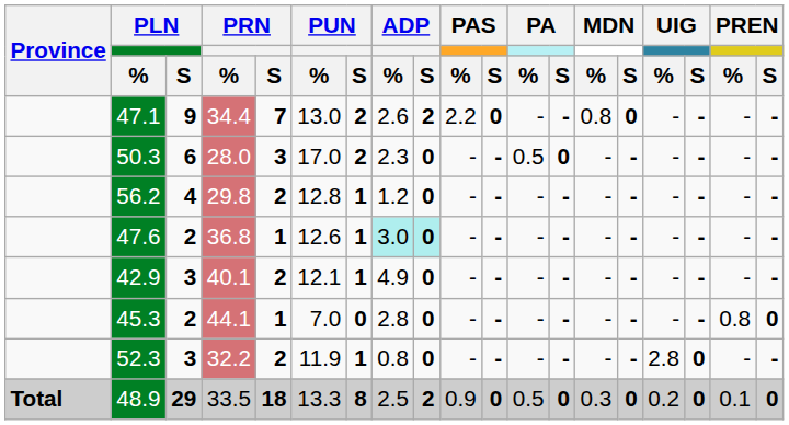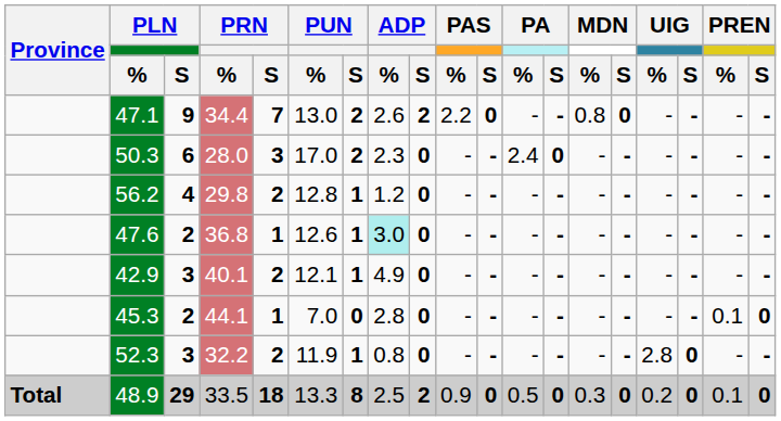 <table class="wikitable sortable" style="text-align:right; font-size:95%; line-height:20px;">
 <tr>
 <th rowspan="3"><a href='#'>Province</a></th>
 <th colspan="2" width="30px"><a href='#'>PLN</a></th>
 <th colspan="2" width="30px"><a href='#'>PRN</a></th>
 <th colspan="2" width="30px"><a href='#'>PUN</a></th>
 <th colspan="2" width="30px"><a href='#'>ADP</a></th>
 <th colspan="2" width="30px">PAS</th>
 <th colspan="2" width="30px">PA</th>
 <th colspan="2" width="30px">MDN</th>
 <th colspan="2" width="30px">UIG</th>
 <th colspan="2" width="30px">PREN</th>
 </tr>
 <tr>
 <th colspan="2" style="background:#008024"></th>
 <th colspan="2" style="background:"></th>
 <th colspan="2" style="background:"></th>
 <th colspan="2" style="background:"></th>
 <th colspan="2" style="background:#FFA826"></th>
 <th colspan="2" style="background:#B7F0F4"></th>
 <th colspan="2" style="background:#FFFFFF"></th>
 <th colspan="2" style="background:#2D83A1"></th>
 <th colspan="2" style="background:#E0CC1B"></th>
 </tr>
 <tr>
 <th data-sort-type="number">%</th>
 <th data-sort-type="number">S</th>
 <th data-sort-type="number">%</th>
 <th data-sort-type="number">S</th>
 <th data-sort-type="number">%</th>
 <th data-sort-type="number">S</th>
 <th data-sort-type="number">%</th>
 <th data-sort-type="number">S</th>
 <th data-sort-type="number">%</th>
 <th data-sort-type="number">S</th>
 <th data-sort-type="number">%</th>
 <th data-sort-type="number">S</th>
 <th data-sort-type="number">%</th>
 <th data-sort-type="number">S</th>
 <th data-sort-type="number">%</th>
 <th data-sort-type="number">S</th>
 <th data-sort-type="number">%</th>
 <th data-sort-type="number">S</th>
 </tr>
 <tr>
 <td align="left"></td>
 <td style="background:#008024; color:white;">47.1</td>
 <td><strong>9</strong></td>
 <td style="background:#d57276; color:white;">34.4</td>
 <td><strong>7</strong></td>
 <td>13.0</td>
 <td><strong>2</strong></td>
 <td>2.6</td>
 <td><strong>2</strong></td>
 <td>2.2</td>
 <td><strong>0</strong></td>
 <td>-</td>
 <td><strong>-</strong></td>
 <td>0.8</td>
 <td><strong>0</strong></td>
 <td>-</td>
 <td><strong>-</strong></td>
 <td>-</td>
 <td><strong>-</strong></td>
 </tr>
 <tr>
 <td align="left"></td>
 <td style="background:#008024; color:white;">50.3</td>
 <td><strong>6</strong></td>
 <td style="background:#d57276; color:white;">28.0</td>
 <td><strong>3</strong></td>
 <td>17.0</td>
 <td><strong>2</strong></td>
 <td>2.3</td>
 <td><strong>0</strong></td>
 <td>-</td>
 <td><strong>-</strong></td>
-<td>0.5</td>
+<td>2.4</td>
 <td><strong>0</strong></td>
 <td>-</td>
 <td><strong>-</strong></td>
 <td>-</td>
 <td><strong>-</strong></td>
 <td>-</td>
 <td><strong>-</strong></td>
 </tr>
 <tr>
 <td align="left"></td>
 <td style="background:#008024; color:white;">56.2</td>
 <td><strong>4</strong></td>
 <td style="background:#d57276; color:white;">29.8</td>
 <td><strong>2</strong></td>
 <td>12.8</td>
 <td><strong>1</strong></td>
 <td>1.2</td>
 <td><strong>0</strong></td>
 <td>-</td>
 <td><strong>-</strong></td>
 <td>-</td>
 <td><strong>-</strong></td>
 <td>-</td>
 <td><strong>-</strong></td>
 <td>-</td>
 <td><strong>-</strong></td>
 <td>-</td>
 <td><strong>-</strong></td>
 </tr>
 <tr>
 <td align="left"></td>
 <td style="background:#008024; color:white;">47.6</td>
 <td><strong>2</strong></td>
 <td style="background:#d57276; color:white;">36.8</td>
 <td><strong>1</strong></td>
 <td>12.6</td>
 <td><strong>1</strong></td>
 <td style="background: paleturquoise;">3.0</td>
-<td style="background: paleturquoise;"><strong>0</strong></td>
+<td><strong>0</strong></td>
 <td>-</td>
 <td><strong>-</strong></td>
 <td>-</td>
 <td><strong>-</strong></td>
 <td>-</td>
 <td><strong>-</strong></td>
 <td>-</td>
 <td><strong>-</strong></td>
 <td>-</td>
 <td><strong>-</strong></td>
 </tr>
 <tr>
 <td align="left"></td>
 <td style="background:#008024; color:white;">42.9</td>
 <td><strong>3</strong></td>
 <td style="background:#d57276; color:white;">40.1</td>
 <td><strong>2</strong></td>
 <td>12.1</td>
 <td><strong>1</strong></td>
 <td>4.9</td>
 <td><strong>0</strong></td>
 <td>-</td>
 <td><strong>-</strong></td>
 <td>-</td>
 <td><strong>-</strong></td>
 <td>-</td>
 <td><strong>-</strong></td>
 <td>-</td>
 <td><strong>-</strong></td>
 <td>-</td>
 <td><strong>-</strong></td>
 </tr>
 <tr>
 <td align="left"></td>
 <td style="background:#008024; color:white;">45.3</td>
 <td><strong>2</strong></td>
 <td style="background:#d57276; color:white;">44.1</td>
 <td><strong>1</strong></td>
 <td>7.0</td>
 <td><strong>0</strong></td>
 <td>2.8</td>
 <td><strong>0</strong></td>
 <td>-</td>
 <td><strong>-</strong></td>
 <td>-</td>
 <td><strong>-</strong></td>
 <td>-</td>
 <td><strong>-</strong></td>
 <td>-</td>
 <td><strong>-</strong></td>
-<td>0.8</td>
+<td>0.1</td>
 <td><strong>0</strong></td>
 </tr>
 <tr>
 <td align="left"></td>
 <td style="background:#008024; color:white;">52.3</td>
 <td><strong>3</strong></td>
 <td style="background:#d57276; color:white;">32.2</td>
 <td><strong>2</strong></td>
 <td>11.9</td>
 <td><strong>1</strong></td>
 <td>0.8</td>
 <td><strong>0</strong></td>
 <td>-</td>
 <td><strong>-</strong></td>
 <td>-</td>
 <td><strong>-</strong></td>
 <td>-</td>
 <td><strong>-</strong></td>
 <td>2.8</td>
 <td><strong>0</strong></td>
 <td>-</td>
 <td><strong>-</strong></td>
 </tr>
 <tr style="background:#CDCDCD;">
 <td align="left"><strong>Total</strong></td>
 <td style="background:#008024; color:white;">48.9</td>
 <td><strong>29</strong></td>
 <td>33.5</td>
 <td><strong>18</strong></td>
 <td>13.3</td>
 <td><strong>8</strong></td>
 <td>2.5</td>
 <td><strong>2</strong></td>
 <td>0.9</td>
 <td><strong>0</strong></td>
 <td>0.5</td>
 <td><strong>0</strong></td>
 <td>0.3</td>
 <td><strong>0</strong></td>
 <td>0.2</td>
 <td><strong>0</strong></td>
 <td>0.1</td>
 <td><strong>0</strong></td>
 </tr>
 </table>
